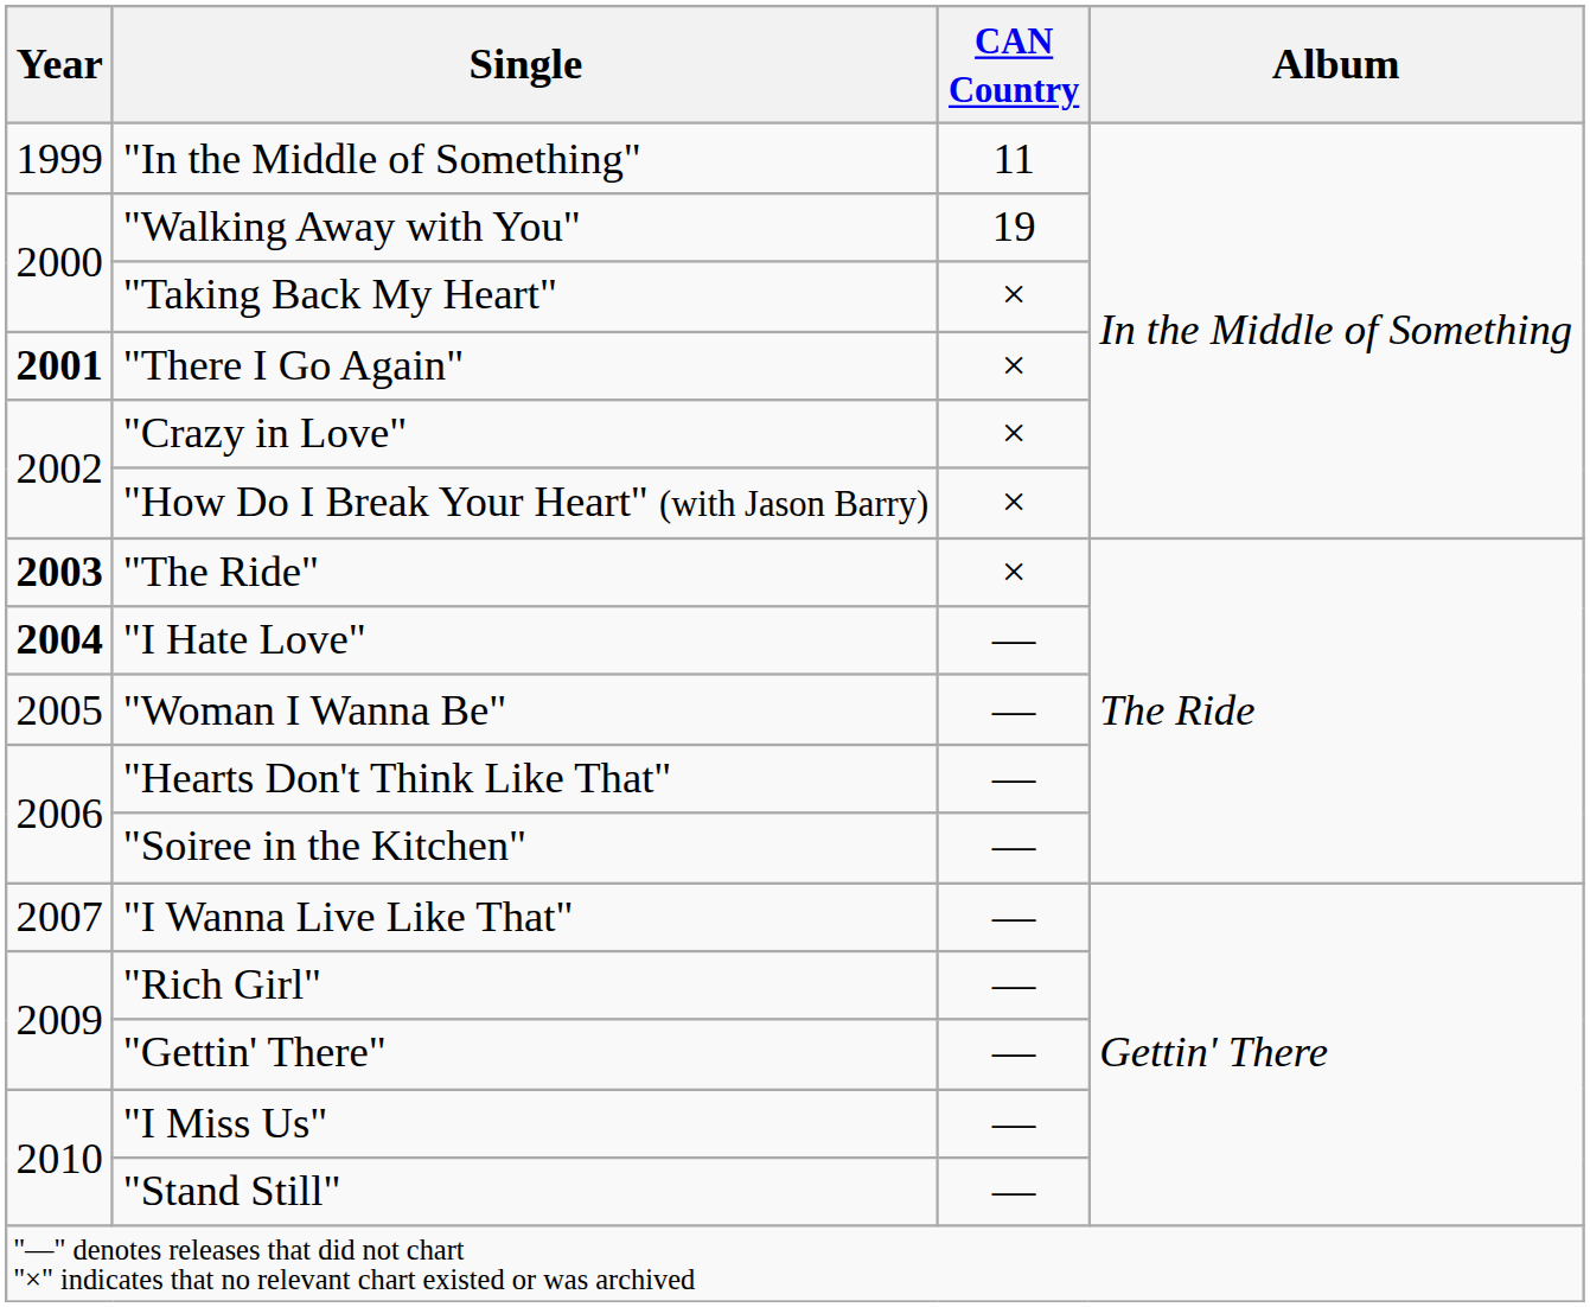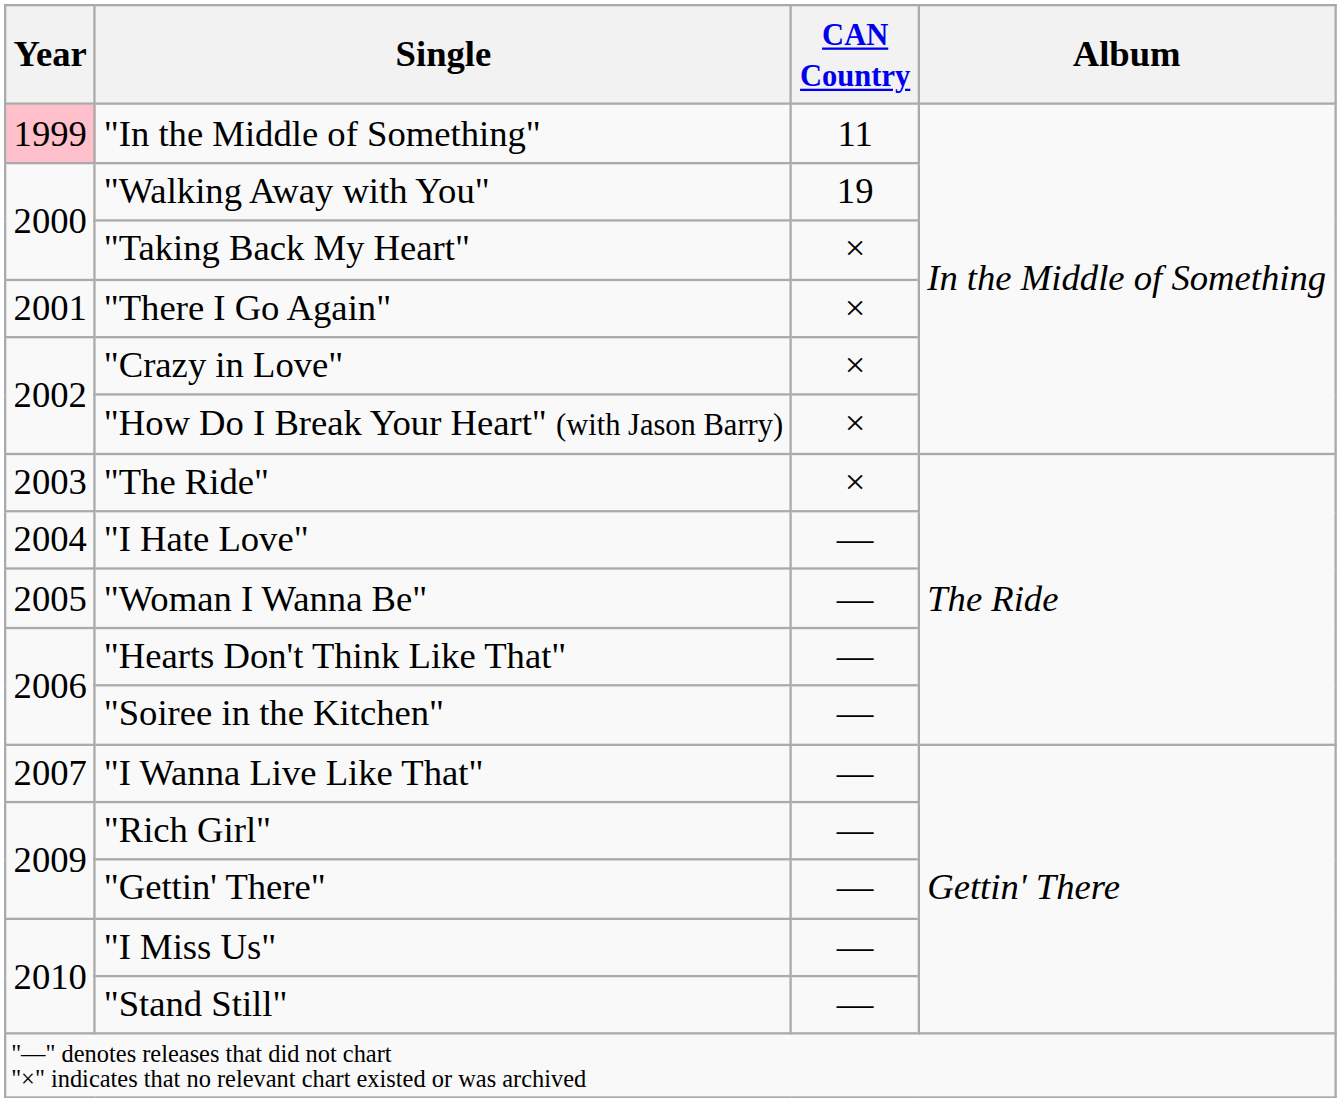 <table class="wikitable">
 <tr>
 <th>Year</th>
 <th>Single</th>
 <th><small><a href='#'>CAN<br>Country</a></small><br></th>
 <th>Album</th>
 </tr>
 <tr>
-<td>1999</td>
+<td style="background: pink;">1999</td>
 <td>"In the Middle of Something"</td>
 <td align="center">11</td>
 <td rowspan="6"><em>In the Middle of Something</em></td>
 </tr>
 <tr>
 <td rowspan="2">2000</td>
 <td>"Walking Away with You"</td>
 <td align="center">19</td>
 </tr>
 <tr>
 <td>"Taking Back My Heart"</td>
 <td align="center">×</td>
 </tr>
 <tr>
-<td><strong>2001</strong></td>
+<td>2001</td>
 <td>"There I Go Again"</td>
 <td align="center">×</td>
 </tr>
 <tr>
 <td rowspan="2">2002</td>
 <td>"Crazy in Love"</td>
 <td align="center">×</td>
 </tr>
 <tr>
 <td>"How Do I Break Your Heart" <small>(with Jason Barry)</small></td>
 <td align="center">×</td>
 </tr>
 <tr>
-<td><strong>2003</strong></td>
+<td>2003</td>
 <td>"The Ride"</td>
 <td align="center">×</td>
 <td rowspan="5"><em>The Ride</em></td>
 </tr>
 <tr>
-<td><strong>2004</strong></td>
+<td>2004</td>
 <td>"I Hate Love"</td>
 <td align="center">—</td>
 </tr>
 <tr>
 <td>2005</td>
 <td>"Woman I Wanna Be"</td>
 <td align="center">—</td>
 </tr>
 <tr>
 <td rowspan="2">2006</td>
 <td>"Hearts Don't Think Like That"</td>
 <td align="center">—</td>
 </tr>
 <tr>
 <td>"Soiree in the Kitchen"</td>
 <td align="center">—</td>
 </tr>
 <tr>
 <td>2007</td>
 <td>"I Wanna Live Like That"</td>
 <td align="center">—</td>
 <td rowspan="5"><em>Gettin' There</em></td>
 </tr>
 <tr>
 <td rowspan="2">2009</td>
 <td>"Rich Girl"</td>
 <td align="center">—</td>
 </tr>
 <tr>
 <td>"Gettin' There"</td>
 <td align="center">—</td>
 </tr>
 <tr>
 <td rowspan="2">2010</td>
 <td>"I Miss Us"</td>
 <td align="center">—</td>
 </tr>
 <tr>
 <td>"Stand Still"</td>
 <td align="center">—</td>
 </tr>
 <tr>
 <td colspan="5" style="font-size:8pt">"—" denotes releases that did not chart<br>"×" indicates that no relevant chart existed or was archived</td>
 </tr>
 </table>
